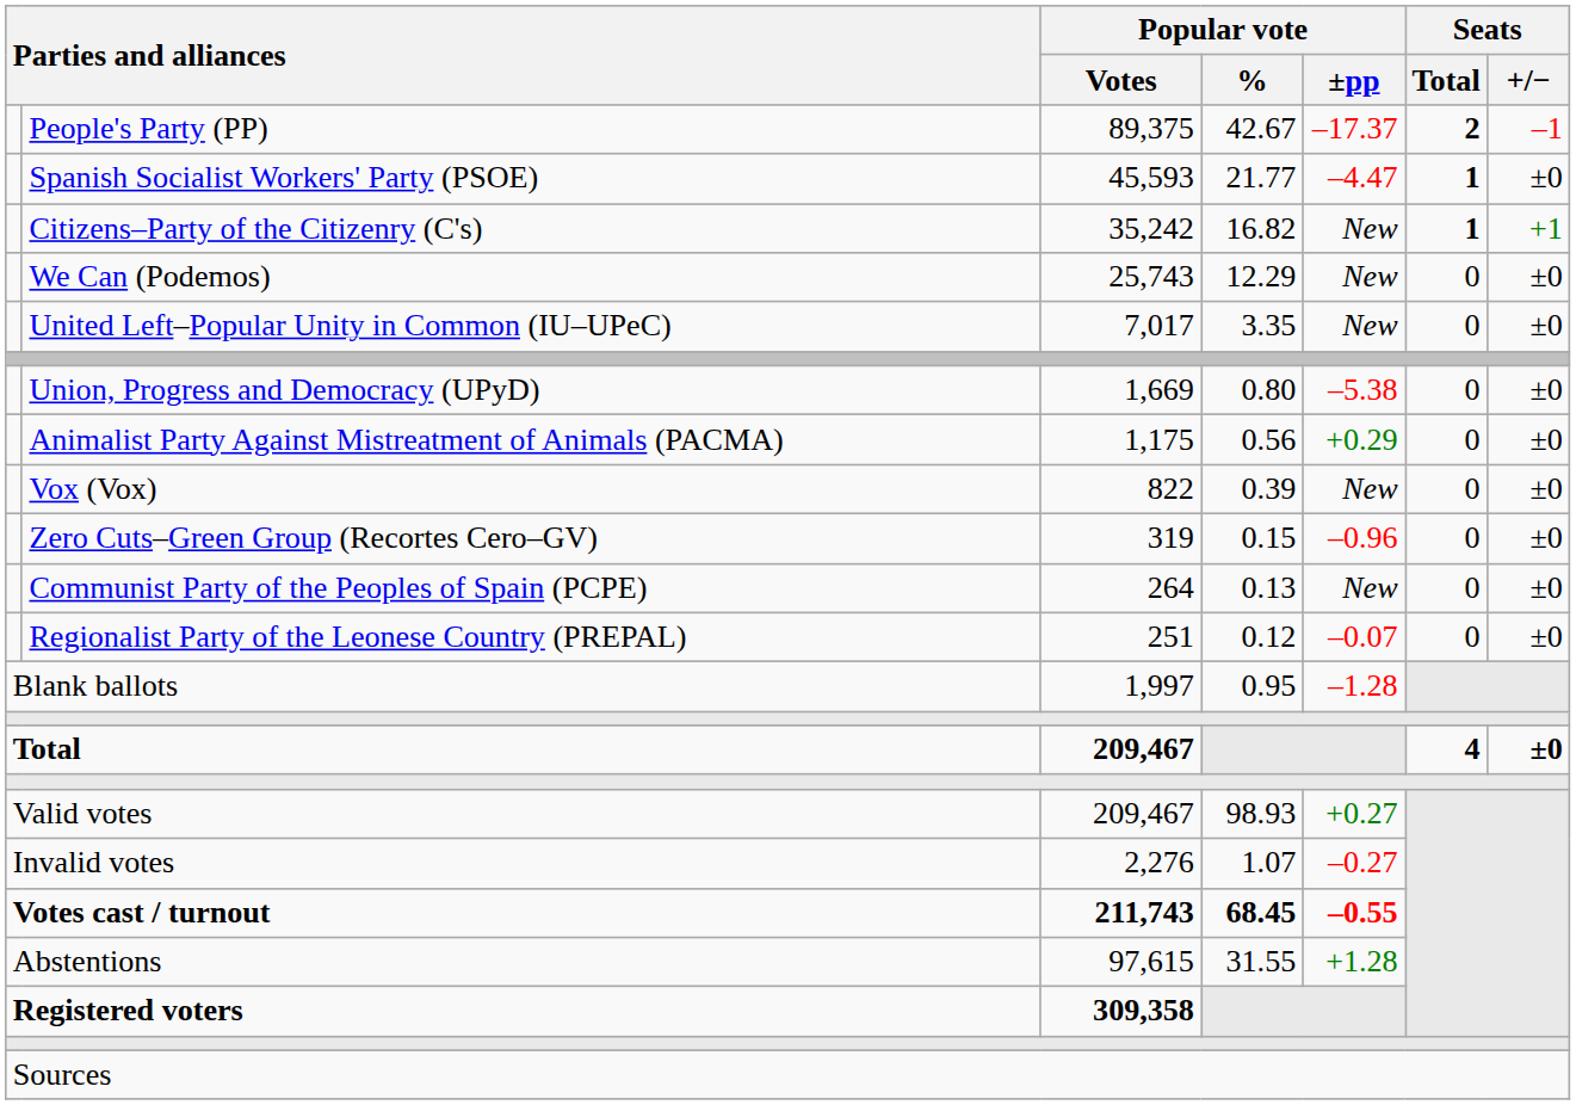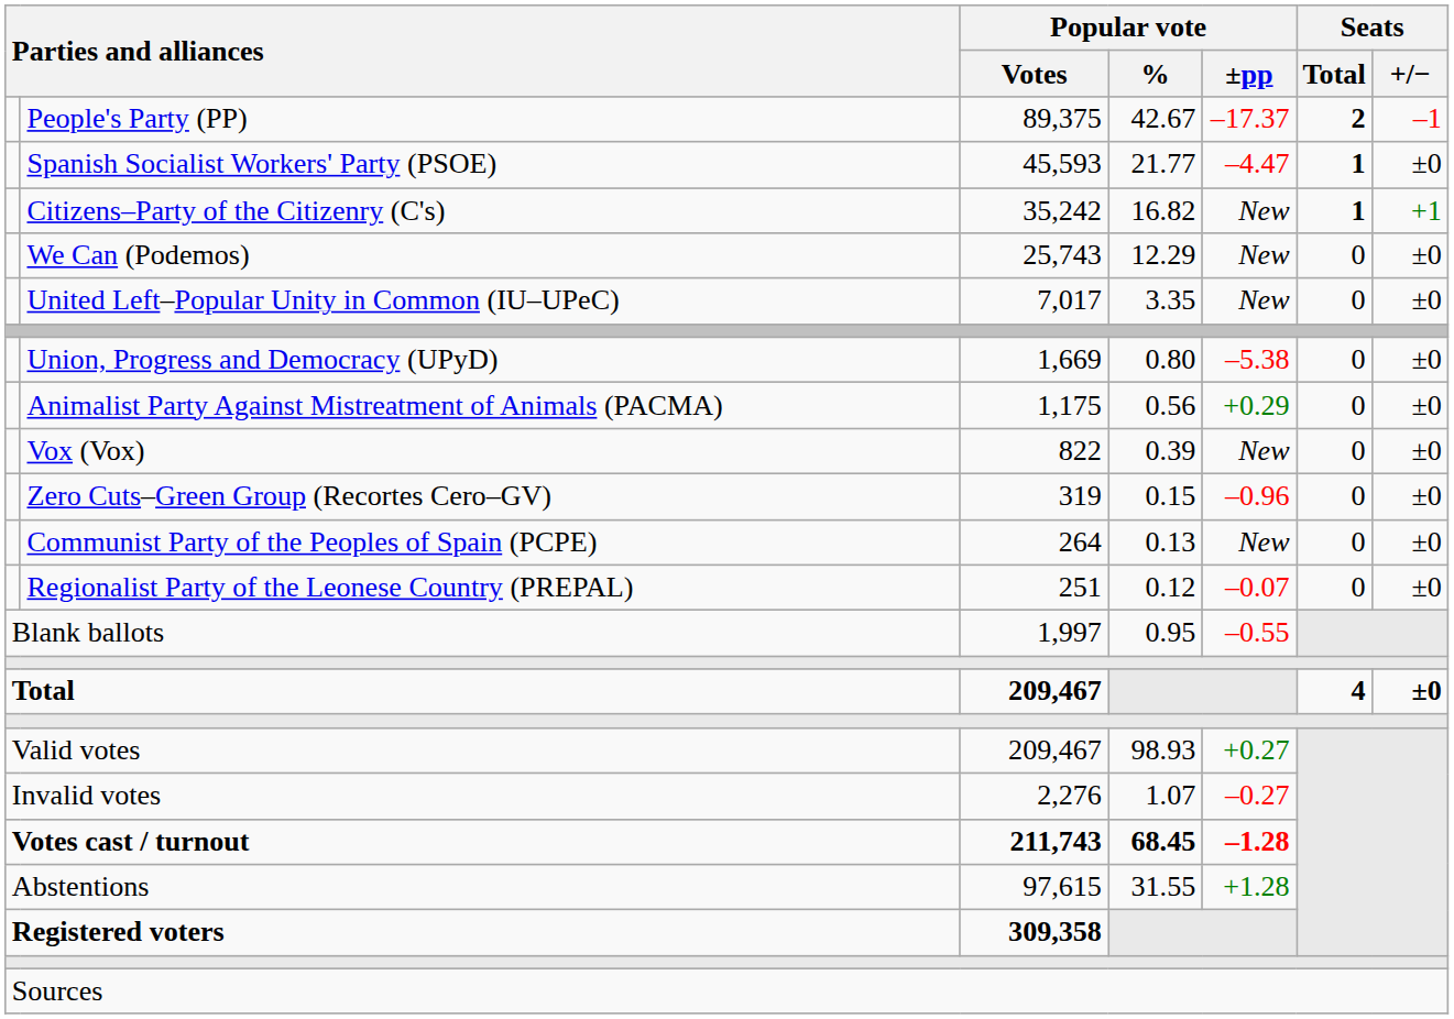 <table class="wikitable" style="text-align:right;">
 <tr>
 <th style="text-align:left;" rowspan="2" colspan="2" width="525">Parties and alliances</th>
 <th colspan="3">Popular vote</th>
 <th colspan="2">Seats</th>
 </tr>
 <tr>
 <th width="75">Votes</th>
 <th width="45">%</th>
 <th width="45">±<a href='#'>pp</a></th>
 <th width="35">Total</th>
 <th width="35">+/−</th>
 </tr>
 <tr>
 <td width="1" style="color:inherit;background:"></td>
 <td align="left"><a href='#'>People's Party</a> (PP)</td>
 <td>89,375</td>
 <td>42.67</td>
 <td style="color:red;">–17.37</td>
 <td><strong>2</strong></td>
 <td style="color:red;">–1</td>
 </tr>
 <tr>
 <td style="color:inherit;background:"></td>
 <td align="left"><a href='#'>Spanish Socialist Workers' Party</a> (PSOE)</td>
 <td>45,593</td>
 <td>21.77</td>
 <td style="color:red;">–4.47</td>
 <td><strong>1</strong></td>
 <td>±0</td>
 </tr>
 <tr>
 <td style="color:inherit;background:"></td>
 <td align="left"><a href='#'>Citizens–Party of the Citizenry</a> (C's)</td>
 <td>35,242</td>
 <td>16.82</td>
 <td><em>New</em></td>
 <td><strong>1</strong></td>
 <td style="color:green;">+1</td>
 </tr>
 <tr>
 <td style="color:inherit;background:"></td>
 <td align="left"><a href='#'>We Can</a> (Podemos)</td>
 <td>25,743</td>
 <td>12.29</td>
 <td><em>New</em></td>
 <td>0</td>
 <td>±0</td>
 </tr>
 <tr>
 <td style="color:inherit;background:"></td>
 <td align="left"><a href='#'>United Left</a>–<a href='#'>Popular Unity in Common</a> (IU–UPeC)</td>
 <td>7,017</td>
 <td>3.35</td>
 <td><em>New</em></td>
 <td>0</td>
 <td>±0</td>
 </tr>
 <tr>
 <td colspan="7" bgcolor="#C0C0C0"></td>
 </tr>
 <tr>
 <td style="color:inherit;background:"></td>
 <td align="left"><a href='#'>Union, Progress and Democracy</a> (UPyD)</td>
 <td>1,669</td>
 <td>0.80</td>
 <td style="color:red;">–5.38</td>
 <td>0</td>
 <td>±0</td>
 </tr>
 <tr>
 <td style="color:inherit;background:"></td>
 <td align="left"><a href='#'>Animalist Party Against Mistreatment of Animals</a> (PACMA)</td>
 <td>1,175</td>
 <td>0.56</td>
 <td style="color:green;">+0.29</td>
 <td>0</td>
 <td>±0</td>
 </tr>
 <tr>
 <td style="color:inherit;background:"></td>
 <td align="left"><a href='#'>Vox</a> (Vox)</td>
 <td>822</td>
 <td>0.39</td>
 <td><em>New</em></td>
 <td>0</td>
 <td>±0</td>
 </tr>
 <tr>
 <td style="color:inherit;background:"></td>
 <td align="left"><a href='#'>Zero Cuts</a>–<a href='#'>Green Group</a> (Recortes Cero–GV)</td>
 <td>319</td>
 <td>0.15</td>
 <td style="color:red;">–0.96</td>
 <td>0</td>
 <td>±0</td>
 </tr>
 <tr>
 <td style="color:inherit;background:"></td>
 <td align="left"><a href='#'>Communist Party of the Peoples of Spain</a> (PCPE)</td>
 <td>264</td>
 <td>0.13</td>
 <td><em>New</em></td>
 <td>0</td>
 <td>±0</td>
 </tr>
 <tr>
 <td style="color:inherit;background:"></td>
 <td align="left"><a href='#'>Regionalist Party of the Leonese Country</a> (PREPAL)</td>
 <td>251</td>
 <td>0.12</td>
 <td style="color:red;">–0.07</td>
 <td>0</td>
 <td>±0</td>
 </tr>
 <tr>
 <td align="left" colspan="2">Blank ballots</td>
 <td>1,997</td>
 <td>0.95</td>
-<td style="color:red;">–1.28</td>
+<td style="color:red;">–0.55</td>
 <td bgcolor="#E9E9E9" colspan="2"></td>
 </tr>
 <tr>
 <td colspan="7" bgcolor="#E9E9E9"></td>
 </tr>
 <tr style="font-weight:bold;">
 <td align="left" colspan="2">Total</td>
 <td>209,467</td>
 <td bgcolor="#E9E9E9" colspan="2"></td>
 <td>4</td>
 <td>±0</td>
 </tr>
 <tr>
 <td colspan="7" bgcolor="#E9E9E9"></td>
 </tr>
 <tr>
 <td align="left" colspan="2">Valid votes</td>
 <td>209,467</td>
 <td>98.93</td>
 <td style="color:green;">+0.27</td>
 <td bgcolor="#E9E9E9" colspan="2" rowspan="5"></td>
 </tr>
 <tr>
 <td align="left" colspan="2">Invalid votes</td>
 <td>2,276</td>
 <td>1.07</td>
 <td style="color:red;">–0.27</td>
 </tr>
 <tr style="font-weight:bold;">
 <td align="left" colspan="2">Votes cast / turnout</td>
 <td>211,743</td>
 <td>68.45</td>
-<td style="color:red;">–0.55</td>
+<td style="color:red;">–1.28</td>
 </tr>
 <tr>
 <td align="left" colspan="2">Abstentions</td>
 <td>97,615</td>
 <td>31.55</td>
 <td style="color:green;">+1.28</td>
 </tr>
 <tr style="font-weight:bold;">
 <td align="left" colspan="2">Registered voters</td>
 <td>309,358</td>
 <td bgcolor="#E9E9E9" colspan="2"></td>
 </tr>
 <tr>
 <td colspan="7" bgcolor="#E9E9E9"></td>
 </tr>
 <tr>
 <td align="left" colspan="7">Sources</td>
 </tr>
 </table>
